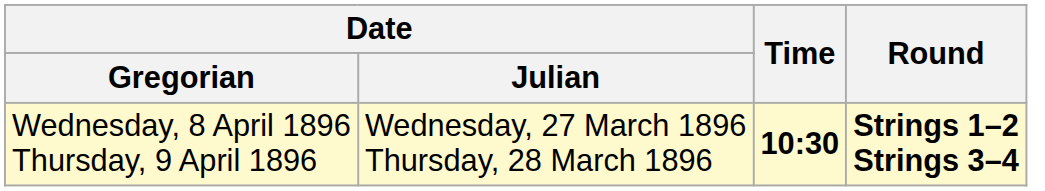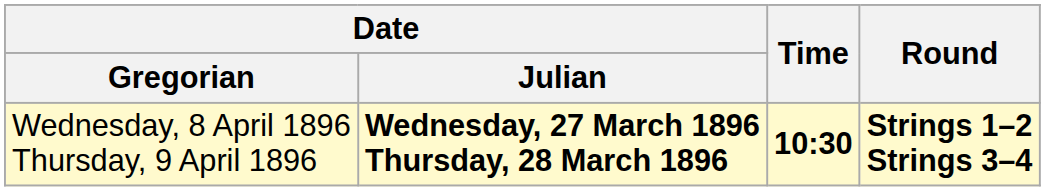 <table class="wikitable">
 <tr>
 <th colspan=2>Date</th>
 <th rowspan=2>Time</th>
 <th rowspan=2>Round</th>
 </tr>
 <tr>
 <th>Gregorian</th>
 <th>Julian</th>
 </tr>
 <tr style=background:lemonchiffon>
 <td>Wednesday, 8 April 1896<br>Thursday, 9 April 1896</td>
-<td>Wednesday, 27 March 1896<br>Thursday, 28 March 1896</td>
+<td><strong>Wednesday, 27 March 1896<br>Thursday, 28 March 1896</strong></td>
 <td><strong>10:30</strong></td>
 <td><strong>Strings 1–2</strong><br><strong>Strings 3–4</strong></td>
 </tr>
 </table>
